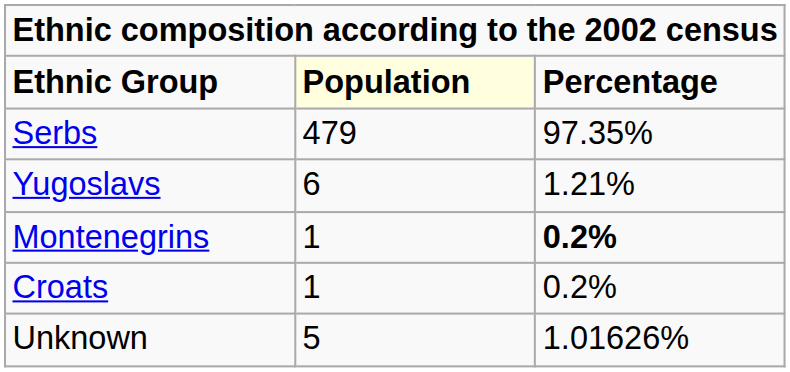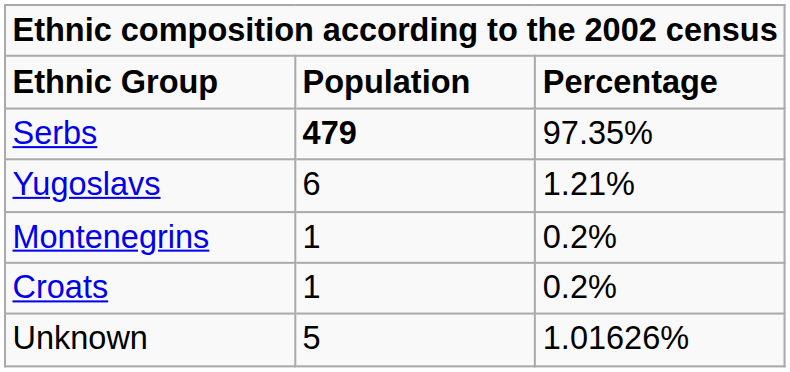 <table class="wikitable">
 <tr>
 <td colspan="3"><strong>Ethnic composition according to the 2002 census‍</strong></td>
 </tr>
 <tr>
 <td><strong>Ethnic Group</strong></td>
-<td style="background: lightyellow;"><strong>Population</strong></td>
+<td><strong>Population</strong></td>
 <td><strong>Percentage</strong></td>
 </tr>
 <tr>
 <td><a href='#'>Serbs</a></td>
-<td>479</td>
+<td><strong>479</strong></td>
 <td>97.35%</td>
 </tr>
 <tr>
 <td><a href='#'>Yugoslavs</a></td>
 <td>6</td>
 <td>1.21%</td>
 </tr>
 <tr>
 <td><a href='#'>Montenegrins</a></td>
 <td>1</td>
-<td><strong>0.2%</strong></td>
+<td>0.2%</td>
 </tr>
 <tr>
 <td><a href='#'>Croats</a></td>
 <td>1</td>
 <td>0.2%</td>
 </tr>
 <tr>
 <td>Unknown</td>
 <td>5</td>
 <td>1.01626%</td>
 </tr>
 </table>
